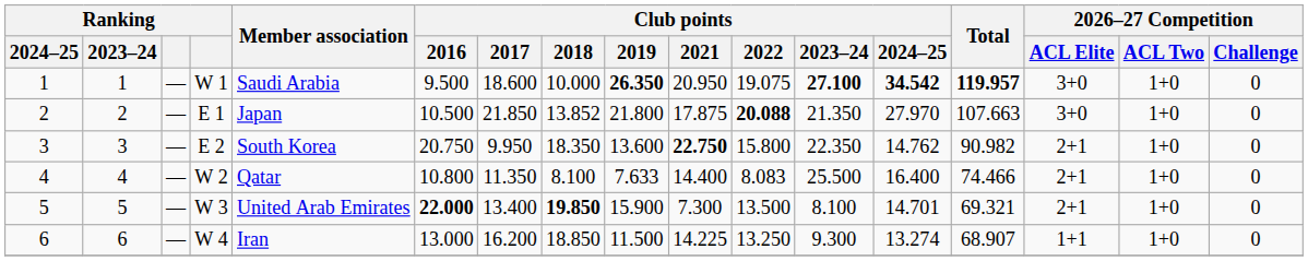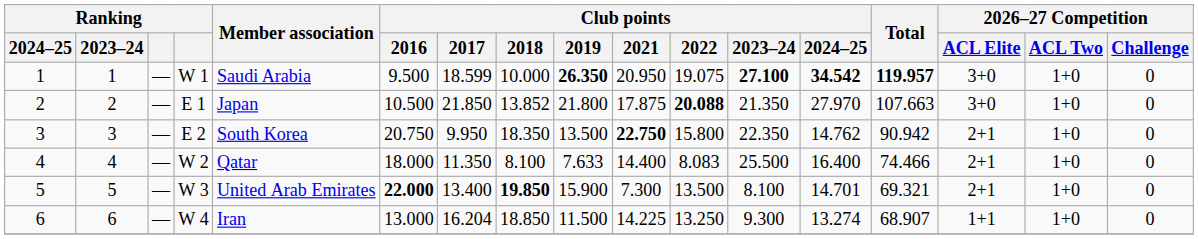 <table class = "wikitable sortable" style="text-align: center;">
 <tr>
 <th colspan="4">Ranking</th>
 <th rowspan="2">Member association<br></th>
 <th colspan="8">Club points</th>
 <th rowspan="2">Total</th>
 <th colspan="3">2026–27 Competition</th>
 </tr>
 <tr>
 <th>2024–25</th>
 <th>2023–24</th>
 <th data-sort-type="number"></th>
 <th></th>
 <th>2016<br></th>
 <th>2017<br></th>
 <th>2018<br></th>
 <th>2019<br></th>
 <th>2021<br></th>
 <th>2022<br></th>
 <th>2023–24<br></th>
 <th>2024–25<br></th>
 <th><a href='#'>ACL Elite</a></th>
 <th><a href='#'>ACL Two</a></th>
 <th><a href='#'>Challenge</a></th>
 </tr>
 <tr>
 <td>1</td>
 <td>1</td>
 <td> —</td>
 <td>W 1</td>
 <td align=left> <a href='#'>Saudi Arabia</a> </td>
 <td>9.500</td>
-<td>18.600</td>
+<td>18.599</td>
 <td>10.000</td>
 <td><strong>26.350</strong></td>
 <td>20.950</td>
 <td>19.075</td>
 <td><strong>27.100</strong></td>
 <td><strong>34.542</strong></td>
 <td><strong>119.957</strong></td>
 <td>3+0</td>
 <td>1+0</td>
 <td>0</td>
 </tr>
 <tr>
 <td>2</td>
 <td>2</td>
 <td> —</td>
 <td>E 1</td>
 <td align=left> <a href='#'>Japan</a> </td>
 <td>10.500</td>
 <td>21.850</td>
 <td>13.852</td>
 <td>21.800</td>
 <td>17.875</td>
 <td><strong>20.088</strong></td>
 <td>21.350</td>
 <td>27.970</td>
 <td>107.663</td>
 <td>3+0</td>
 <td>1+0</td>
 <td>0</td>
 </tr>
 <tr>
 <td>3</td>
 <td>3</td>
 <td> —</td>
 <td>E 2</td>
 <td align=left> <a href='#'>South Korea</a> </td>
 <td>20.750</td>
 <td>9.950</td>
 <td>18.350</td>
-<td>13.600</td>
+<td>13.500</td>
 <td><strong>22.750</strong></td>
 <td>15.800</td>
 <td>22.350</td>
 <td>14.762</td>
-<td>90.982</td>
+<td>90.942</td>
 <td>2+1</td>
 <td>1+0</td>
 <td>0</td>
 </tr>
 <tr>
 <td>4</td>
 <td>4</td>
 <td> —</td>
 <td>W 2</td>
 <td align="left"> <a href='#'>Qatar</a> </td>
-<td>10.800</td>
+<td>18.000</td>
 <td>11.350</td>
 <td>8.100</td>
 <td>7.633</td>
 <td>14.400</td>
 <td>8.083</td>
 <td>25.500</td>
 <td>16.400</td>
 <td>74.466</td>
 <td>2+1</td>
 <td>1+0</td>
 <td>0</td>
 </tr>
 <tr>
 <td>5</td>
 <td>5</td>
 <td> —</td>
 <td>W 3</td>
 <td align=left> <a href='#'>United Arab Emirates</a> </td>
 <td><strong>22.000</strong></td>
 <td>13.400</td>
 <td><strong>19.850</strong></td>
 <td>15.900</td>
 <td>7.300</td>
 <td>13.500</td>
 <td>8.100</td>
 <td>14.701</td>
 <td>69.321</td>
 <td>2+1</td>
 <td>1+0</td>
 <td>0</td>
 </tr>
 <tr>
 <td>6</td>
 <td>6</td>
 <td> —</td>
 <td>W 4</td>
 <td align="left"> <a href='#'>Iran</a> </td>
 <td>13.000</td>
-<td>16.200</td>
+<td>16.204</td>
 <td>18.850</td>
 <td>11.500</td>
 <td>14.225</td>
 <td>13.250</td>
 <td>9.300</td>
 <td>13.274</td>
 <td>68.907</td>
 <td>1+1</td>
 <td>1+0</td>
 <td>0</td>
 </tr>
 <tr>
 </tr>
 </table>
